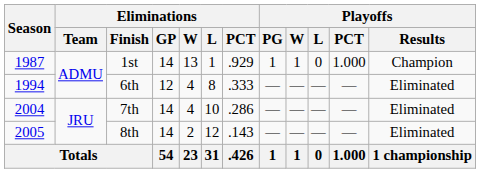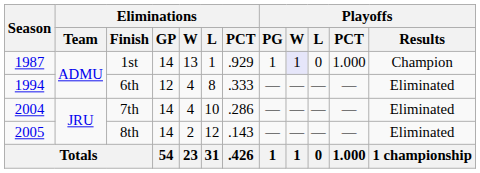 <table class="wikitable" style="text-align:center">
 <tr>
 <th rowspan="2">Season</th>
 <th colspan="6">Eliminations</th>
 <th colspan="5">Playoffs</th>
 </tr>
 <tr>
 <th>Team</th>
 <th>Finish</th>
 <th>GP</th>
 <th>W</th>
 <th>L</th>
 <th>PCT</th>
 <th>PG</th>
 <th>W</th>
 <th>L</th>
 <th>PCT</th>
 <th>Results</th>
 </tr>
 <tr>
 <td><a href='#'>1987</a></td>
 <td rowspan="2"><a href='#'>ADMU</a></td>
 <td>1st</td>
 <td>14</td>
 <td>13</td>
 <td>1</td>
 <td>.929</td>
 <td>1</td>
-<td>1</td>
+<td style="background: lavender;">1</td>
 <td>0</td>
 <td>1.000</td>
 <td>Champion</td>
 </tr>
 <tr>
 <td><a href='#'>1994</a></td>
 <td>6th</td>
 <td>12</td>
 <td>4</td>
 <td>8</td>
 <td>.333</td>
 <td>—</td>
 <td>—</td>
 <td>—</td>
 <td>—</td>
 <td>Eliminated</td>
 </tr>
 <tr>
 <td><a href='#'>2004</a></td>
 <td rowspan="2"><a href='#'>JRU</a></td>
 <td>7th</td>
 <td>14</td>
 <td>4</td>
 <td>10</td>
 <td>.286</td>
 <td>—</td>
 <td>—</td>
 <td>—</td>
 <td>—</td>
 <td>Eliminated</td>
 </tr>
 <tr>
 <td><a href='#'>2005</a></td>
 <td>8th</td>
 <td>14</td>
 <td>2</td>
 <td>12</td>
 <td>.143</td>
 <td>—</td>
 <td>—</td>
 <td>—</td>
 <td>—</td>
 <td>Eliminated</td>
 </tr>
 <tr>
 <th colspan="3">Totals</th>
 <th>54</th>
 <th>23</th>
 <th>31</th>
 <th>.426</th>
 <th>1</th>
 <th>1</th>
 <th>0</th>
 <th>1.000</th>
 <th>1 championship</th>
 </tr>
 </table>
